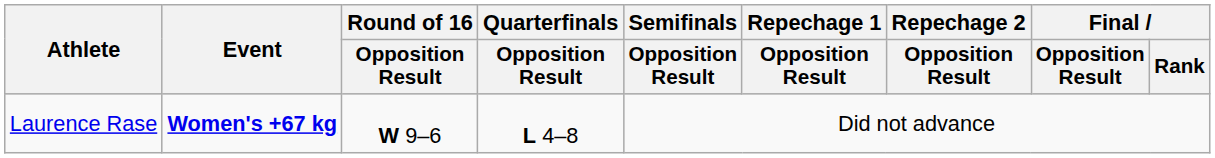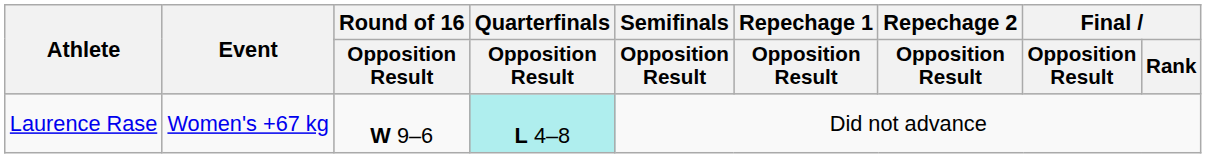 <table class="wikitable" style="font-size:90%;">
 <tr>
 <th rowspan=2>Athlete</th>
 <th rowspan=2>Event</th>
 <th>Round of 16</th>
 <th>Quarterfinals</th>
 <th>Semifinals</th>
 <th>Repechage 1</th>
 <th>Repechage 2</th>
 <th colspan=2>Final / </th>
 </tr>
 <tr style="font-size:95%">
 <th>Opposition<br>Result</th>
 <th>Opposition<br>Result</th>
 <th>Opposition<br>Result</th>
 <th>Opposition<br>Result</th>
 <th>Opposition<br>Result</th>
 <th>Opposition<br>Result</th>
 <th>Rank</th>
 </tr>
 <tr align=center>
 <td align=left><a href='#'>Laurence Rase</a></td>
-<td align=left><strong><a href='#'>Women's +67 kg</a></strong></td>
+<td align=left><a href='#'>Women's +67 kg</a></td>
 <td><br><strong>W</strong> 9–6</td>
-<td><br><strong>L</strong> 4–8</td>
+<td style="background: paleturquoise;"><br><strong>L</strong> 4–8</td>
 <td colspan=5>Did not advance</td>
 </tr>
 </table>
